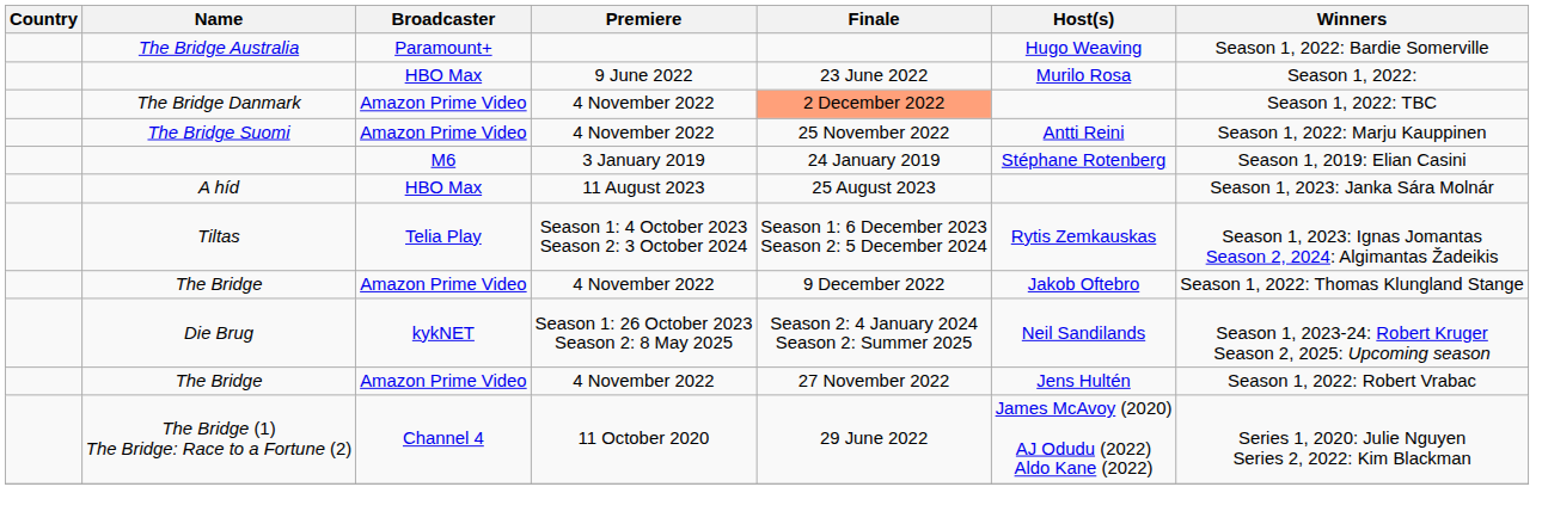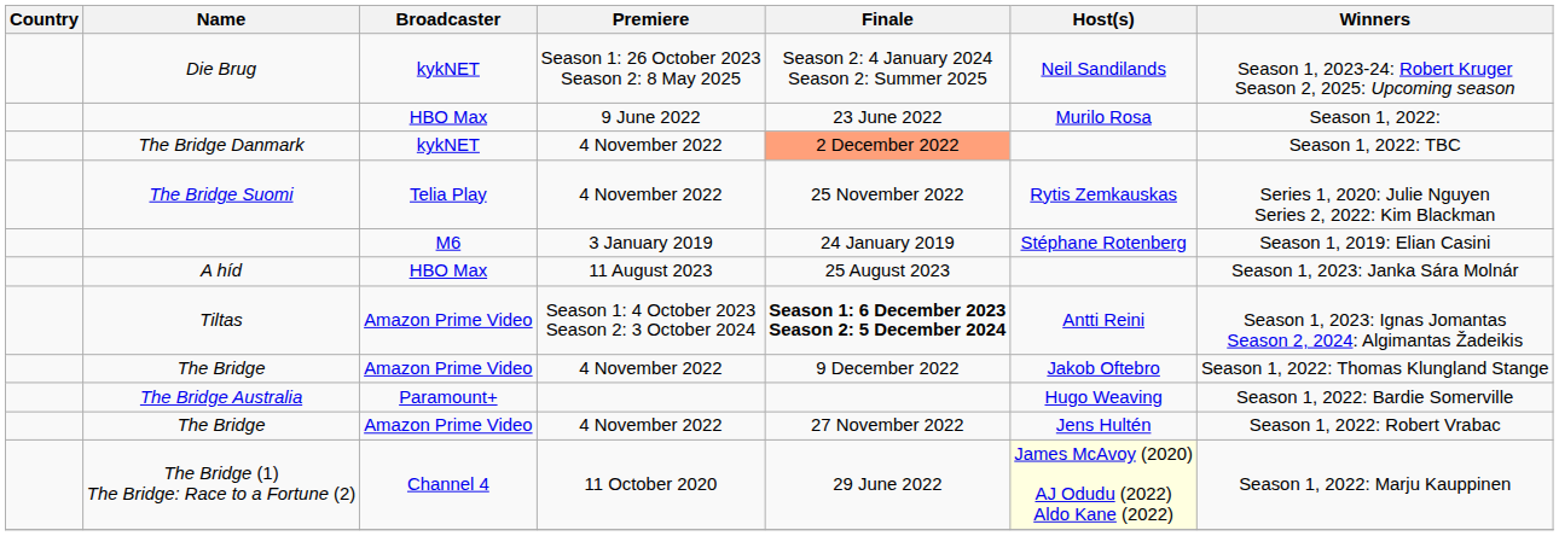 <table class="wikitable" style="text-align:center;">
 <tr>
 <th>Country</th>
 <th>Name</th>
 <th>Broadcaster</th>
 <th>Premiere</th>
 <th>Finale</th>
 <th>Host(s)</th>
 <th>Winners</th>
 </tr>
 <tr>
 <td style="text-align:left;"></td>
-<td><em><a href='#'>The Bridge Australia</a></em></td>
-<td><a href='#'>Paramount+</a></td>
-<td></td>
-<td></td>
-<td><a href='#'>Hugo Weaving</a> </td>
-<td>Season 1, 2022: Bardie Somerville</td>
+<td><em>Die Brug</em></td>
+<td><a href='#'>kykNET</a></td>
+<td>Season 1: 26 October 2023<br>Season 2: 8 May 2025</td>
+<td>Season 2: 4 January 2024<br>Season 2: Summer 2025</td>
+<td><a href='#'>Neil Sandilands</a><br></td>
+<td><br>Season 1, 2023-24: <a href='#'>Robert Kruger</a><br> Season 2, 2025: <em>Upcoming season</em></td>
 </tr>
 <tr>
 <td style="text-align:left;"></td>
 <td><em></em></td>
 <td><a href='#'>HBO Max</a></td>
 <td>9 June 2022</td>
 <td>23 June 2022</td>
 <td><a href='#'>Murilo Rosa</a></td>
 <td>Season 1, 2022: </td>
 </tr>
 <tr>
 <td style="text-align:left;"></td>
 <td><em>The Bridge Danmark</em></td>
-<td><a href='#'>Amazon Prime Video</a></td>
+<td><a href='#'>kykNET</a></td>
 <td>4 November 2022</td>
 <td style="background: lightsalmon;">2 December 2022</td>
 <td></td>
 <td>Season 1, 2022: TBC</td>
 </tr>
 <tr>
 <td style="text-align:left;"></td>
 <td><em><a href='#'>The Bridge Suomi</a></em></td>
-<td><a href='#'>Amazon Prime Video</a></td>
+<td><a href='#'>Telia Play</a></td>
 <td>4 November 2022</td>
 <td>25 November 2022</td>
-<td><a href='#'>Antti Reini</a></td>
-<td>Season 1, 2022: Marju Kauppinen</td>
+<td><a href='#'>Rytis Zemkauskas</a><br></td>
+<td><br>Series 1, 2020: Julie Nguyen<br> Series 2, 2022: Kim Blackman</td>
 </tr>
 <tr>
 <td style="text-align:left;"></td>
 <td></td>
 <td><a href='#'>M6</a></td>
 <td>3 January 2019</td>
 <td>24 January 2019</td>
 <td><a href='#'>Stéphane Rotenberg</a></td>
 <td>Season 1, 2019: Elian Casini</td>
 </tr>
 <tr>
 <td style="text-align:left;"></td>
 <td><em>A híd</em></td>
 <td><a href='#'>HBO Max</a></td>
 <td>11 August 2023</td>
 <td>25 August 2023</td>
 <td></td>
 <td>Season 1, 2023: Janka Sára Molnár</td>
 </tr>
 <tr>
 <td style="text-align:left;"></td>
 <td><em>Tiltas</em></td>
-<td><a href='#'>Telia Play</a></td>
+<td><a href='#'>Amazon Prime Video</a></td>
 <td>Season 1: 4 October 2023<br>Season 2: 3 October 2024</td>
-<td>Season 1: 6 December 2023<br>Season 2: 5 December 2024</td>
-<td><a href='#'>Rytis Zemkauskas</a><br></td>
+<td><strong>Season 1: 6 December 2023<br>Season 2: 5 December 2024</strong></td>
+<td><a href='#'>Antti Reini</a></td>
 <td><br>Season 1, 2023: Ignas Jomantas<br> <a href='#'>Season 2, 2024</a>: Algimantas Žadeikis</td>
 </tr>
 <tr>
 <td style="text-align:left;"></td>
 <td><em>The Bridge</em></td>
 <td><a href='#'>Amazon Prime Video</a></td>
 <td>4 November 2022</td>
 <td>9 December 2022</td>
 <td><a href='#'>Jakob Oftebro</a></td>
 <td>Season 1, 2022: Thomas Klungland Stange</td>
 </tr>
 <tr>
 <td style="text-align:left;"></td>
-<td><em>Die Brug</em></td>
-<td><a href='#'>kykNET</a></td>
-<td>Season 1: 26 October 2023<br>Season 2: 8 May 2025</td>
-<td>Season 2: 4 January 2024<br>Season 2: Summer 2025</td>
-<td><a href='#'>Neil Sandilands</a><br></td>
-<td><br>Season 1, 2023-24: <a href='#'>Robert Kruger</a><br> Season 2, 2025: <em>Upcoming season</em></td>
+<td><em><a href='#'>The Bridge Australia</a></em></td>
+<td><a href='#'>Paramount+</a></td>
+<td></td>
+<td></td>
+<td><a href='#'>Hugo Weaving</a> </td>
+<td>Season 1, 2022: Bardie Somerville</td>
 </tr>
 <tr>
 <td style="text-align:left;"></td>
 <td><em>The Bridge</em></td>
 <td><a href='#'>Amazon Prime Video</a></td>
 <td>4 November 2022</td>
 <td>27 November 2022</td>
 <td><a href='#'>Jens Hultén</a></td>
 <td>Season 1, 2022: Robert Vrabac</td>
 </tr>
 <tr>
 <td style="text-align:left;"></td>
 <td><em>The Bridge</em> (1)<br><em>The Bridge: Race to a Fortune</em> (2)</td>
 <td><a href='#'>Channel 4</a></td>
 <td>11 October 2020</td>
 <td>29 June 2022</td>
-<td><a href='#'>James McAvoy</a> (2020)<br><br><a href='#'>AJ Odudu</a> (2022)<br><a href='#'>Aldo Kane</a> (2022)</td>
-<td><br>Series 1, 2020: Julie Nguyen<br> Series 2, 2022: Kim Blackman</td>
+<td style="background: lightyellow;"><a href='#'>James McAvoy</a> (2020)<br><br><a href='#'>AJ Odudu</a> (2022)<br><a href='#'>Aldo Kane</a> (2022)</td>
+<td>Season 1, 2022: Marju Kauppinen</td>
 </tr>
 <tr>
 </tr>
 </table>
